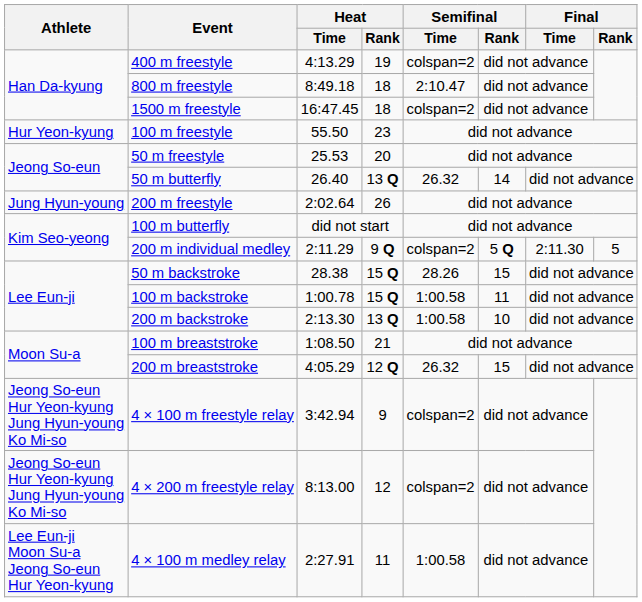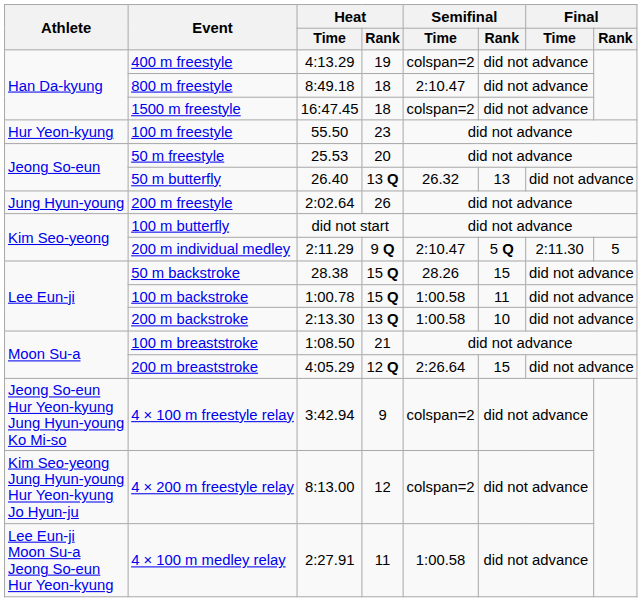 <table class=wikitable style="font-size:90%">
 <tr>
 <th rowspan="2">Athlete</th>
 <th rowspan="2">Event</th>
 <th colspan="2">Heat</th>
 <th colspan="2">Semifinal</th>
 <th colspan="2">Final</th>
 </tr>
 <tr style="font-size:95%">
 <th>Time</th>
 <th>Rank</th>
 <th>Time</th>
 <th>Rank</th>
 <th>Time</th>
 <th>Rank</th>
 </tr>
 <tr style="text-align:center">
 <td style="text-align:left" rowspan=3><a href='#'>Han Da-kyung</a></td>
 <td style="text-align:left"><a href='#'>400 m freestyle</a></td>
 <td>4:13.29</td>
 <td>19</td>
 <td>colspan=2 </td>
 <td colspan=2>did not advance</td>
 </tr>
 <tr style="text-align:center">
 <td style="text-align:left"><a href='#'>800 m freestyle</a></td>
 <td>8:49.18</td>
 <td>18</td>
 <td>2:10.47</td>
 <td colspan=2>did not advance</td>
 </tr>
 <tr style="text-align:center">
 <td style="text-align:left"><a href='#'>1500 m freestyle</a></td>
 <td>16:47.45</td>
 <td>18</td>
 <td>colspan=2 </td>
 <td colspan=2>did not advance</td>
 </tr>
 <tr style="text-align:center">
 <td style="text-align:left"><a href='#'>Hur Yeon-kyung</a></td>
 <td style="text-align:left"><a href='#'>100 m freestyle</a></td>
 <td>55.50</td>
 <td>23</td>
 <td colspan=4>did not advance</td>
 </tr>
 <tr style="text-align:center">
 <td style="text-align:left" rowspan=2><a href='#'>Jeong So-eun</a></td>
 <td style="text-align:left"><a href='#'>50 m freestyle</a></td>
 <td>25.53</td>
 <td>20</td>
 <td colspan=4>did not advance</td>
 </tr>
 <tr style="text-align:center">
 <td style="text-align:left"><a href='#'>50 m butterfly</a></td>
 <td>26.40</td>
 <td>13 <strong>Q</strong></td>
 <td>26.32</td>
-<td>14</td>
+<td>13</td>
 <td colspan=2>did not advance</td>
 </tr>
 <tr style="text-align:center">
 <td style="text-align:left"><a href='#'>Jung Hyun-young</a></td>
 <td style="text-align:left"><a href='#'>200 m freestyle</a></td>
 <td>2:02.64</td>
 <td>26</td>
 <td colspan=4>did not advance</td>
 </tr>
 <tr style="text-align:center">
 <td style="text-align:left" rowspan=2><a href='#'>Kim Seo-yeong</a></td>
 <td style="text-align:left"><a href='#'>100 m butterfly</a></td>
 <td colspan=2>did not start</td>
 <td colspan=4>did not advance</td>
 </tr>
 <tr style="text-align:center">
 <td style="text-align:left"><a href='#'>200 m individual medley</a></td>
 <td>2:11.29</td>
 <td>9 <strong>Q</strong></td>
-<td>colspan=2 </td>
+<td>2:10.47</td>
 <td>5 <strong>Q</strong></td>
 <td>2:11.30</td>
 <td>5</td>
 </tr>
 <tr style="text-align:center">
 <td style="text-align:left" rowspan=3><a href='#'>Lee Eun-ji</a></td>
 <td style="text-align:left"><a href='#'>50 m backstroke</a></td>
 <td>28.38</td>
 <td>15 <strong>Q</strong></td>
 <td>28.26</td>
 <td>15</td>
 <td colspan=2>did not advance</td>
 </tr>
 <tr style="text-align:center">
 <td style="text-align:left"><a href='#'>100 m backstroke</a></td>
 <td>1:00.78</td>
 <td>15 <strong>Q</strong></td>
 <td>1:00.58</td>
 <td>11</td>
 <td colspan=2>did not advance</td>
 </tr>
 <tr style="text-align:center">
 <td style="text-align:left"><a href='#'>200 m backstroke</a></td>
 <td>2:13.30</td>
 <td>13 <strong>Q</strong></td>
 <td>1:00.58</td>
 <td>10</td>
 <td colspan=2>did not advance</td>
 </tr>
 <tr style="text-align:center">
 <td style="text-align:left" rowspan=2><a href='#'>Moon Su-a</a></td>
 <td style="text-align:left"><a href='#'>100 m breaststroke</a></td>
 <td>1:08.50</td>
 <td>21</td>
 <td colspan=4>did not advance</td>
 </tr>
 <tr style="text-align:center">
 <td style="text-align:left"><a href='#'>200 m breaststroke</a></td>
 <td>4:05.29</td>
 <td>12 <strong>Q</strong></td>
-<td>26.32</td>
+<td>2:26.64</td>
 <td>15</td>
 <td colspan=2>did not advance</td>
 </tr>
 <tr style="text-align:center">
 <td style="text-align:left"><a href='#'>Jeong So-eun</a><br><a href='#'>Hur Yeon-kyung</a> <br><a href='#'>Jung Hyun-young</a> <br><a href='#'>Ko Mi-so</a></td>
 <td style="text-align:left"><a href='#'>4 × 100 m freestyle relay</a></td>
 <td>3:42.94</td>
 <td>9</td>
 <td>colspan=2 </td>
 <td colspan=2>did not advance</td>
 </tr>
 <tr style="text-align:center">
-<td style="text-align:left"><a href='#'>Jeong So-eun</a><br><a href='#'>Hur Yeon-kyung</a> <br><a href='#'>Jung Hyun-young</a> <br><a href='#'>Ko Mi-so</a></td>
+<td style="text-align:left"><a href='#'>Kim Seo-yeong</a><br><a href='#'>Jung Hyun-young</a><br><a href='#'>Hur Yeon-kyung</a><br><a href='#'>Jo Hyun-ju</a></td>
 <td style="text-align:left"><a href='#'>4 × 200 m freestyle relay</a></td>
 <td>8:13.00</td>
 <td>12</td>
 <td>colspan=2 </td>
 <td colspan=2>did not advance</td>
 </tr>
 <tr style="text-align:center">
 <td style="text-align:left"><a href='#'>Lee Eun-ji</a><br><a href='#'>Moon Su-a</a><br><a href='#'>Jeong So-eun</a><br><a href='#'>Hur Yeon-kyung</a></td>
 <td style="text-align:left"><a href='#'>4 × 100 m medley relay</a></td>
 <td>2:27.91</td>
 <td>11</td>
 <td>1:00.58</td>
 <td colspan=2>did not advance</td>
 </tr>
 </table>
